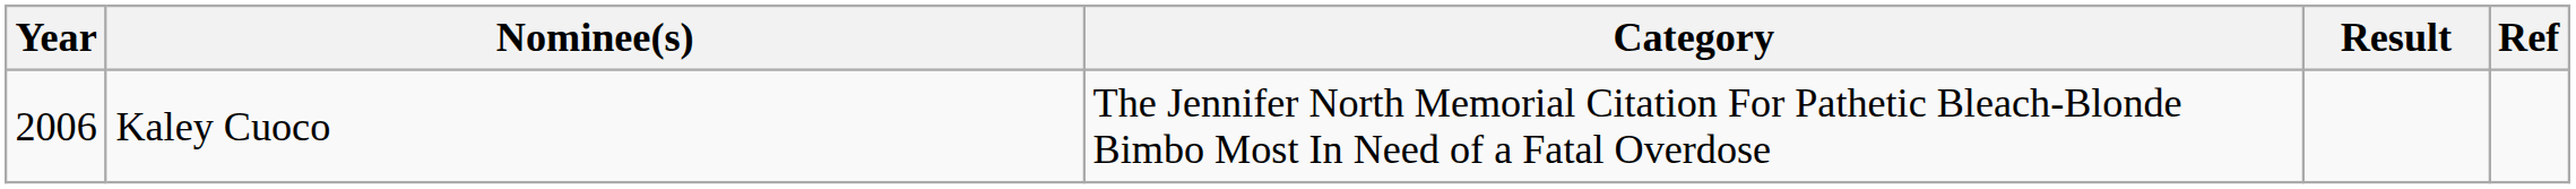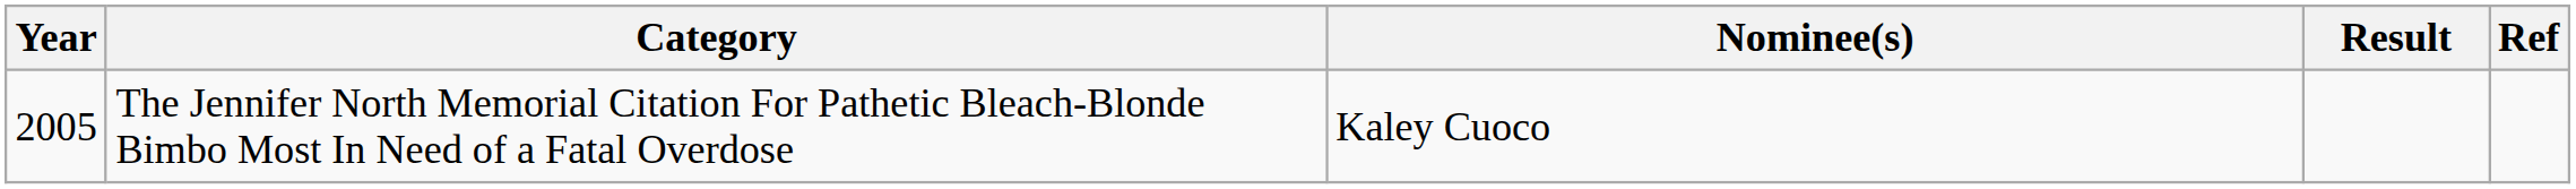 <table class="wikitable">
 <tr>
 <th>Year</th>
+<th width=470>Category</th>
 <th width=375>Nominee(s)</th>
-<th width=470>Category</th>
 <th width=65>Result</th>
 <th>Ref</th>
 </tr>
 <tr>
-<td>2006</td>
+<td>2005</td>
+<td>The Jennifer North Memorial Citation For Pathetic Bleach-Blonde Bimbo Most In Need of a Fatal Overdose</td>
 <td>Kaley Cuoco</td>
-<td>The Jennifer North Memorial Citation For Pathetic Bleach-Blonde Bimbo Most In Need of a Fatal Overdose</td>
 <td></td>
 <td></td>
 </tr>
 </table>
